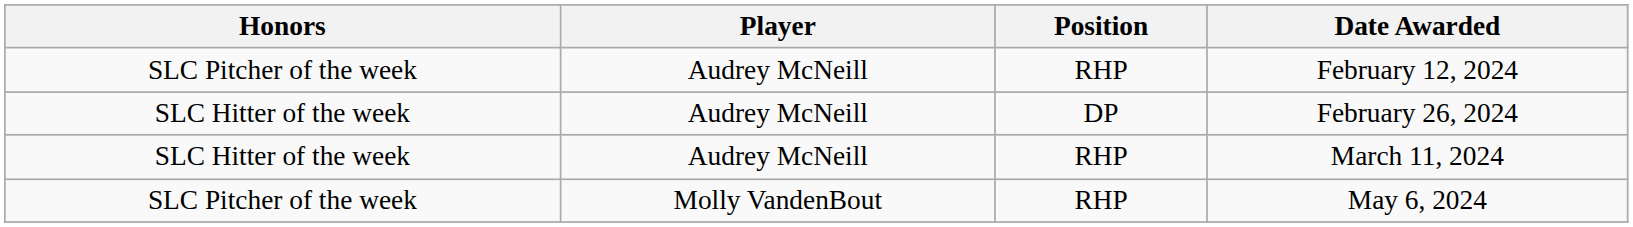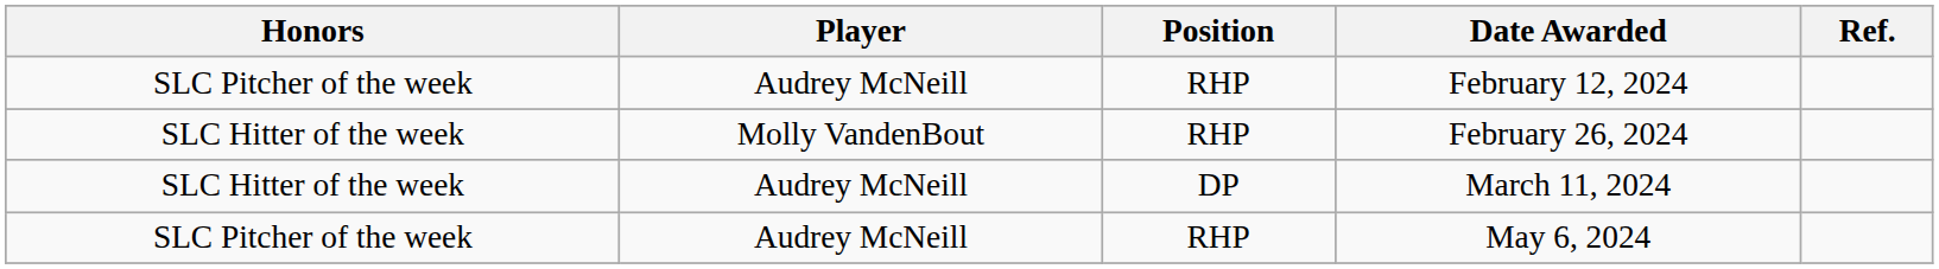 <table class="wikitable" style="width: 60%;text-align: center;">
 <tr>
 <th>Honors</th>
 <th>Player</th>
 <th>Position</th>
 <th>Date Awarded</th>
+<th>Ref.</th>
 </tr>
 <tr align="center">
 <td rowspan="1">SLC Pitcher of the week</td>
 <td>Audrey McNeill</td>
 <td>RHP</td>
 <td>February 12, 2024</td>
+<td></td>
+</tr>
+<tr align="center">
+<td rowspan="1">SLC Hitter of the week</td>
+<td>Molly VandenBout</td>
+<td>RHP</td>
+<td>February 26, 2024</td>
+<td></td>
 </tr>
 <tr align="center">
 <td rowspan="1">SLC Hitter of the week</td>
 <td>Audrey McNeill</td>
 <td>DP</td>
-<td>February 26, 2024</td>
-</tr>
-<tr align="center">
-<td rowspan="1">SLC Hitter of the week</td>
-<td>Audrey McNeill</td>
-<td>RHP</td>
 <td>March 11, 2024</td>
+<td></td>
 </tr>
 <tr align="center">
 <td rowspan="1">SLC Pitcher of the week</td>
-<td>Molly VandenBout</td>
+<td>Audrey McNeill</td>
 <td>RHP</td>
 <td>May 6, 2024</td>
+<td></td>
 </tr>
 </table>
